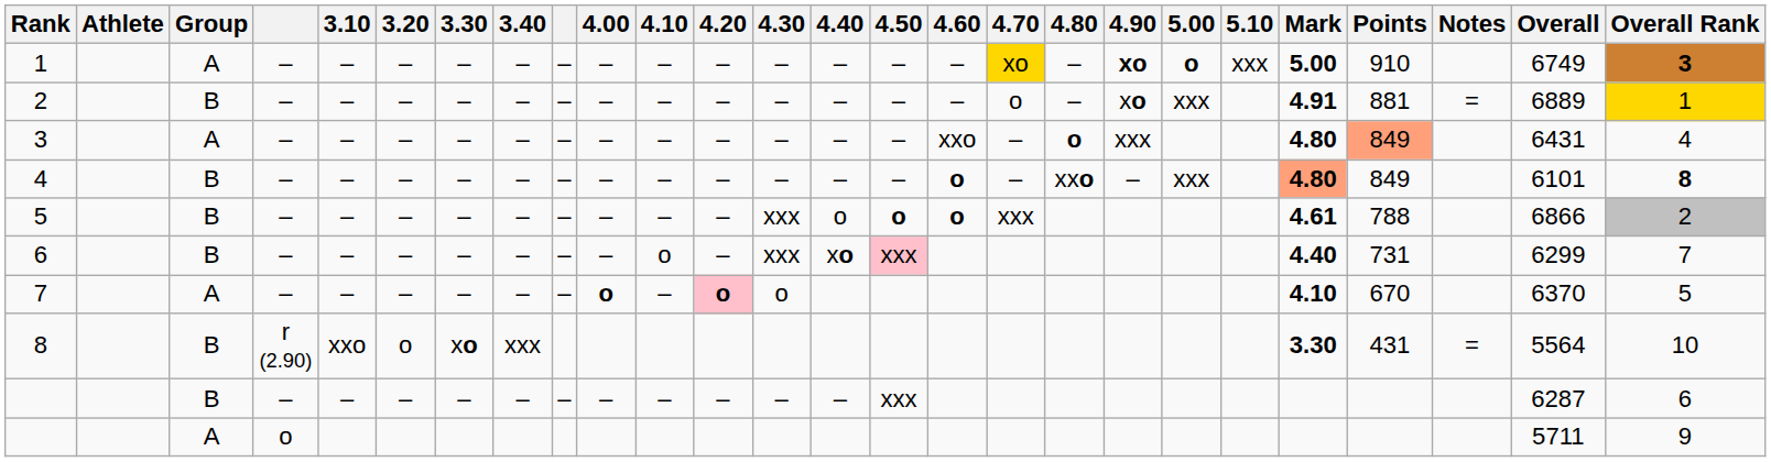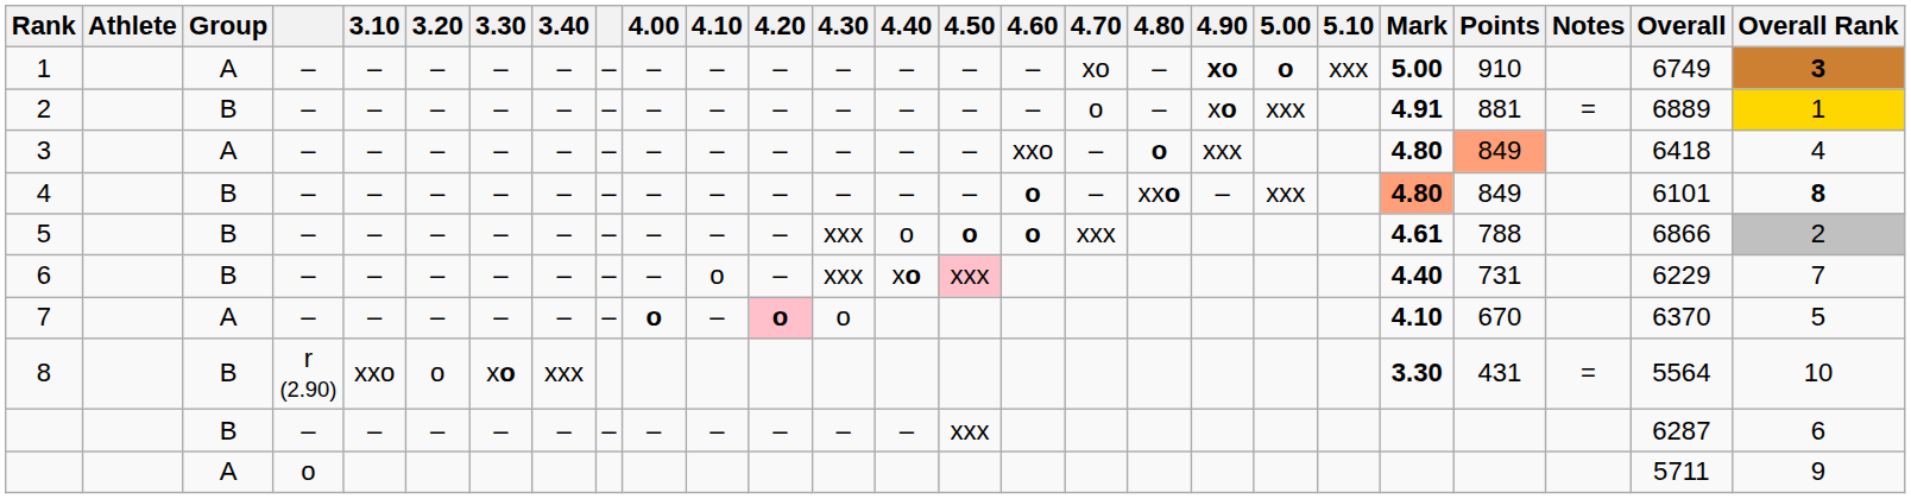 <table class="wikitable sortable" style="text-align:center">
 <tr>
 <th>Rank</th>
 <th>Athlete</th>
 <th>Group</th>
 <th class="unsortable"></th>
 <th class="unsortable">3.10</th>
 <th class="unsortable">3.20</th>
 <th class="unsortable">3.30</th>
 <th class="unsortable">3.40</th>
 <th class="unsortable"></th>
 <th class="unsortable">4.00</th>
 <th class="unsortable">4.10</th>
 <th class="unsortable">4.20</th>
 <th class="unsortable">4.30</th>
 <th class="unsortable">4.40</th>
 <th class="unsortable">4.50</th>
 <th class="unsortable">4.60</th>
 <th class="unsortable">4.70</th>
 <th class="unsortable">4.80</th>
 <th class="unsortable">4.90</th>
 <th class="unsortable">5.00</th>
 <th class="unsortable">5.10</th>
 <th>Mark</th>
 <th>Points</th>
 <th>Notes</th>
 <th>Overall</th>
 <th>Overall Rank</th>
 </tr>
 <tr>
 <td>1</td>
 <td align="left"></td>
 <td>A</td>
 <td>–</td>
 <td>–</td>
 <td –>–</td>
 <td>–</td>
 <td>–</td>
 <td>–</td>
 <td>–</td>
 <td>–</td>
 <td>–</td>
 <td>–</td>
 <td>–</td>
 <td>–</td>
 <td>–</td>
-<td style="background: gold;">xo</td>
+<td>xo</td>
 <td>–</td>
 <td><strong>xo</strong></td>
 <td><strong>o</strong></td>
 <td>xxx</td>
 <td><strong>5.00</strong></td>
 <td>910</td>
 <td></td>
 <td>6749</td>
 <td style="background-color:#cd7f32"><strong>3</strong></td>
 </tr>
 <tr>
 <td>2</td>
 <td align="left"></td>
 <td>B</td>
 <td>–</td>
 <td>–</td>
 <td –>–</td>
 <td>–</td>
 <td>–</td>
 <td>–</td>
 <td>–</td>
 <td>–</td>
 <td>–</td>
 <td>–</td>
 <td>–</td>
 <td>–</td>
 <td>–</td>
 <td>o</td>
 <td>–</td>
 <td>x<strong>o</strong></td>
 <td>xxx</td>
 <td></td>
 <td><strong>4.91</strong></td>
 <td>881</td>
 <td>=</td>
 <td>6889</td>
 <td style="background-color:#ffd700">1</td>
 </tr>
 <tr>
 <td>3</td>
 <td align="left"></td>
 <td>A</td>
 <td>–</td>
 <td>–</td>
 <td –>–</td>
 <td>–</td>
 <td>–</td>
 <td –>–</td>
 <td>–</td>
 <td>–</td>
 <td>–</td>
 <td>–</td>
 <td>–</td>
 <td>–</td>
 <td>xxo</td>
 <td>–</td>
 <td><strong>o</strong></td>
 <td>xxx</td>
 <td></td>
 <td></td>
 <td><strong>4.80</strong></td>
 <td style="background: lightsalmon;">849</td>
 <td></td>
-<td>6431</td>
+<td>6418</td>
 <td>4</td>
 </tr>
 <tr>
 <td>4</td>
 <td align="left"></td>
 <td>B</td>
 <td>–</td>
 <td>–</td>
 <td –>–</td>
 <td>–</td>
 <td>–</td>
 <td>–</td>
 <td>–</td>
 <td>–</td>
 <td>–</td>
 <td>–</td>
 <td>–</td>
 <td>–</td>
 <td><strong>o</strong></td>
 <td>–</td>
 <td>xx<strong>o</strong></td>
 <td>–</td>
 <td>xxx</td>
 <td></td>
 <td style="background: lightsalmon;"><strong>4.80</strong></td>
 <td>849</td>
 <td></td>
 <td>6101</td>
 <td><strong>8</strong></td>
 </tr>
 <tr>
 <td>5</td>
 <td align="left"></td>
 <td>B</td>
 <td>–</td>
 <td>–</td>
 <td –>–</td>
 <td>–</td>
 <td>–</td>
 <td>–</td>
 <td>–</td>
 <td>–</td>
 <td>–</td>
 <td>xxx</td>
 <td>o</td>
 <td><strong>o</strong></td>
 <td><strong>o</strong></td>
 <td>xxx</td>
 <td></td>
 <td></td>
 <td></td>
 <td></td>
 <td><strong>4.61</strong></td>
 <td>788</td>
 <td></td>
 <td>6866</td>
 <td style="background-color:#c0c0c0">2</td>
 </tr>
 <tr>
 <td>6</td>
 <td align="left"></td>
 <td>B</td>
 <td>–</td>
 <td>–</td>
 <td –>–</td>
 <td>–</td>
 <td>–</td>
 <td>–</td>
 <td>–</td>
 <td>o</td>
 <td>–</td>
 <td>xxx</td>
 <td>x<strong>o</strong></td>
 <td style="background: pink;">xxx</td>
 <td></td>
 <td></td>
 <td></td>
 <td></td>
 <td></td>
 <td></td>
 <td><strong>4.40</strong></td>
 <td>731</td>
 <td></td>
-<td>6299</td>
+<td>6229</td>
 <td>7</td>
 </tr>
 <tr>
 <td>7</td>
 <td align="left"></td>
 <td>A</td>
 <td>–</td>
 <td>–</td>
 <td –>–</td>
 <td>–</td>
 <td>–</td>
 <td>–</td>
 <td><strong>o</strong></td>
 <td>–</td>
 <td style="background: pink;"><strong>o</strong></td>
 <td>o</td>
 <td></td>
 <td></td>
 <td></td>
 <td></td>
 <td></td>
 <td></td>
 <td></td>
 <td></td>
 <td><strong>4.10</strong></td>
 <td>670</td>
 <td></td>
 <td>6370</td>
 <td>5</td>
 </tr>
 <tr>
 <td>8</td>
 <td align="left"></td>
 <td>B</td>
 <td>r<br><small>(2.90)</small></td>
 <td>xxo</td>
 <td>o</td>
 <td>x<strong>o</strong></td>
 <td>xxx</td>
 <td></td>
 <td></td>
 <td></td>
 <td></td>
 <td></td>
 <td></td>
 <td></td>
 <td></td>
 <td></td>
 <td></td>
 <td></td>
 <td></td>
 <td></td>
 <td><strong>3.30</strong></td>
 <td>431</td>
 <td>=</td>
 <td>5564</td>
 <td>10</td>
 </tr>
 <tr>
 <td></td>
 <td align="left"></td>
 <td>B</td>
 <td>–</td>
 <td>–</td>
 <td –>–</td>
 <td>–</td>
 <td>–</td>
 <td>–</td>
 <td>–</td>
 <td>–</td>
 <td>–</td>
 <td>–</td>
 <td>–</td>
 <td>xxx</td>
 <td></td>
 <td></td>
 <td></td>
 <td></td>
 <td></td>
 <td></td>
 <td><strong></strong></td>
 <td></td>
 <td></td>
 <td>6287</td>
 <td>6</td>
 </tr>
 <tr>
 <td></td>
 <td align="left"></td>
 <td>A</td>
 <td>o</td>
 <td></td>
 <td></td>
 <td></td>
 <td></td>
 <td></td>
 <td></td>
 <td></td>
 <td></td>
 <td></td>
 <td></td>
 <td></td>
 <td></td>
 <td></td>
 <td></td>
 <td></td>
 <td></td>
 <td></td>
 <td><strong></strong></td>
 <td></td>
 <td></td>
 <td>5711</td>
 <td>9</td>
 </tr>
 </table>
